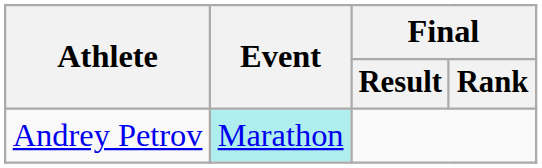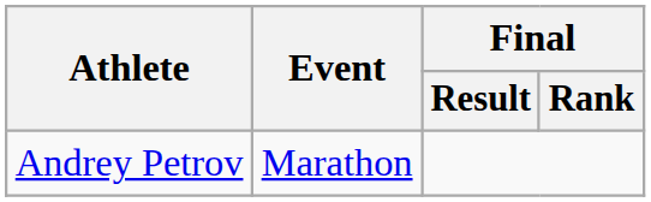 <table class="wikitable" style="font-size:90%">
 <tr>
 <th rowspan="2">Athlete</th>
 <th rowspan="2">Event</th>
 <th colspan="2">Final</th>
 </tr>
 <tr style="font-size:95%">
 <th>Result</th>
 <th>Rank</th>
 </tr>
 <tr align=center>
 <td align=left><a href='#'>Andrey Petrov</a></td>
-<td align=left style="background: paleturquoise;"><a href='#'>Marathon</a></td>
+<td align=left><a href='#'>Marathon</a></td>
 <td colspan=2></td>
 </tr>
 </table>
